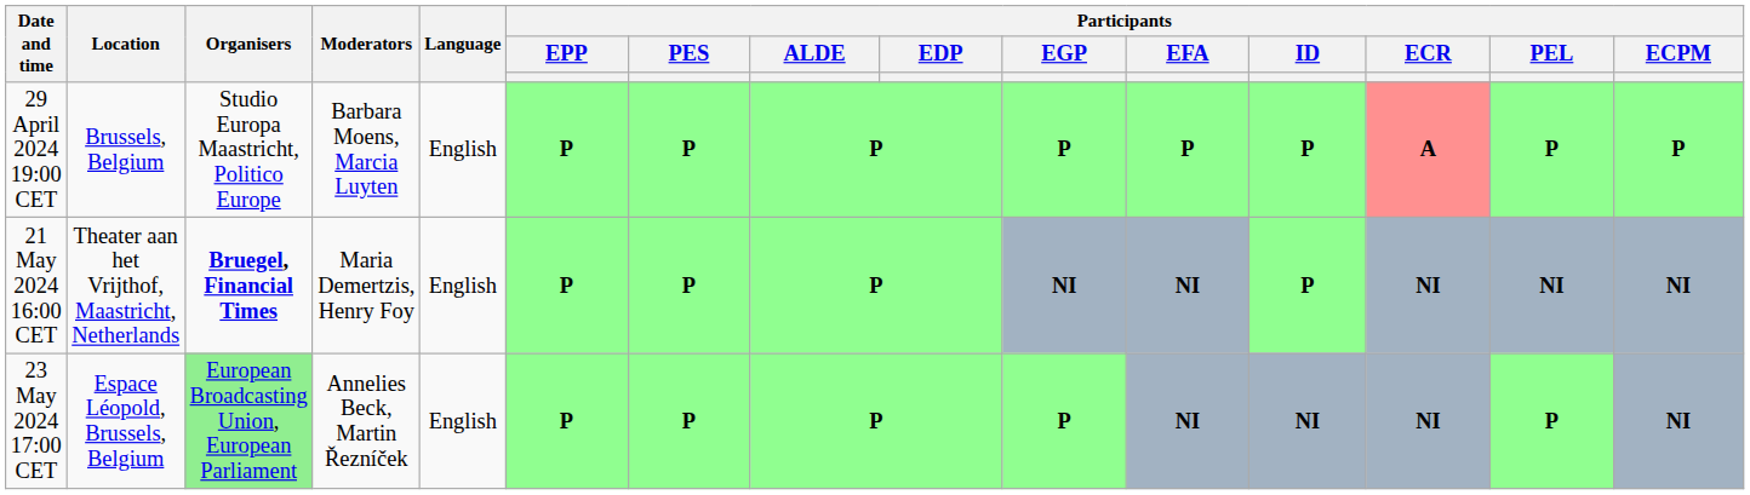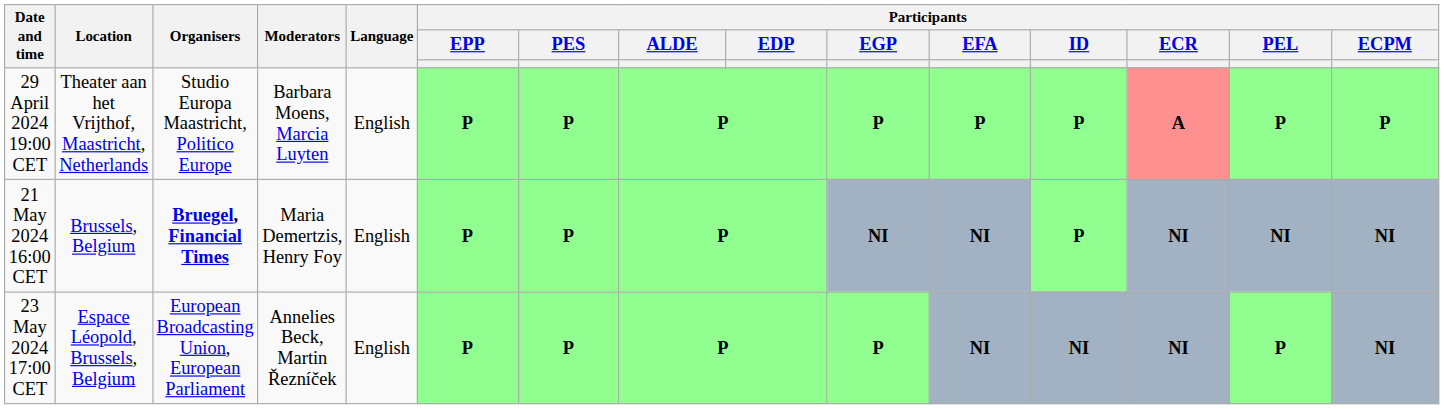 <table class="wikitable" style="text-align:center">
 <tr style="font-size:small;">
 <th rowspan="3">Date and time</th>
 <th rowspan="3">Location</th>
 <th rowspan="3">Organisers</th>
 <th rowspan="3">Moderators</th>
 <th rowspan="3">Language</th>
 <th colspan="10">Participants <br></th>
 </tr>
 <tr>
 <th scope="col"><a href='#'>EPP</a></th>
 <th scope="col"><a href='#'>PES</a></th>
 <th scope="col"><a href='#'>ALDE</a></th>
 <th scope="col"><a href='#'>EDP</a></th>
 <th scope="col"><a href='#'>EGP</a></th>
 <th scope="col"><a href='#'>EFA</a></th>
 <th scope="col"><a href='#'>ID</a></th>
 <th scope="col"><a href='#'>ECR</a></th>
 <th scope="col"><a href='#'>PEL</a></th>
 <th scope="col"><a href='#'>ECPM</a></th>
 </tr>
 <tr>
 <th style="width:6.5em; background:"></th>
 <th style="width:6.5em; background:"></th>
 <th style="width:6.5em; background:"></th>
 <th style="width:6.5em; background:"></th>
 <th style="width:6.5em; background:"></th>
 <th style="width:6.5em; background:"></th>
 <th style="width:6.5em; background:"></th>
 <th style="width:6.5em; background:"></th>
 <th style="width:6.5em; background:"></th>
 <th style="width:6.5em; background:"></th>
 </tr>
 <tr>
 <td>29 April 2024<br>19:00 CET</td>
-<td><a href='#'>Brussels</a>, <a href='#'>Belgium</a></td>
+<td>Theater aan het Vrijthof, <a href='#'>Maastricht</a>, <a href='#'>Netherlands</a></td>
 <td>Studio Europa Maastricht,<br><a href='#'>Politico Europe</a></td>
 <td>Barbara Moens, <a href='#'>Marcia Luyten</a></td>
 <td>English</td>
 <td style="background:#90FF90; color:black; text-align:center;"><strong>P</strong><br></td>
 <td style="background:#90FF90; color:black; text-align:center;"><strong>P</strong><br></td>
 <td colspan="2" style="background:#90FF90; color:black; text-align:center;"><strong>P</strong><br></td>
 <td style="background:#90FF90; color:black; text-align:center;"><strong>P</strong><br></td>
 <td style="background:#90FF90; color:black; text-align:center;"><strong>P</strong><br></td>
 <td style="background:#90FF90; color:black; text-align:center;"><strong>P</strong><br></td>
 <td style="background:#FF9090; color:black; text-align:center;"><strong>A</strong></td>
 <td style="background:#90FF90; color:black; text-align:center;"><strong>P</strong><br></td>
 <td style="background:#90FF90; color:black; text-align:center;"><strong>P</strong><br></td>
 </tr>
 <tr>
 <td>21 May 2024<br>16:00 CET</td>
-<td>Theater aan het Vrijthof, <a href='#'>Maastricht</a>, <a href='#'>Netherlands</a></td>
+<td><a href='#'>Brussels</a>, <a href='#'>Belgium</a></td>
 <td><strong><a href='#'>Bruegel</a>,<br><a href='#'>Financial Times</a></strong></td>
 <td>Maria Demertzis, Henry Foy</td>
 <td>English</td>
 <td style="background:#90FF90; color:black; text-align:center;"><strong>P</strong><br></td>
 <td style="background:#90FF90; color:black; text-align:center;"><strong>P</strong><br></td>
 <td colspan="2" style="background:#90FF90; color:black; text-align:center;"><strong>P</strong><br></td>
 <td style="background:#A2B2C2; color:black; text-align:center;"><strong>NI</strong></td>
 <td style="background:#A2B2C2; color:black; text-align:center;"><strong>NI</strong></td>
 <td style="background:#90FF90; color:black; text-align:center;"><strong>P</strong><br></td>
 <td style="background:#A2B2C2; color:black; text-align:center;"><strong>NI</strong></td>
 <td style="background:#A2B2C2; color:black; text-align:center;"><strong>NI</strong></td>
 <td style="background:#A2B2C2; color:black; text-align:center;"><strong>NI</strong></td>
 </tr>
 <tr>
 <td>23 May 2024<br>17:00 CET</td>
 <td><a href='#'>Espace Léopold</a>, <a href='#'>Brussels</a>, <a href='#'>Belgium</a></td>
-<td style="background: lightgreen;"><a href='#'>European Broadcasting Union</a>,<br><a href='#'>European Parliament</a></td>
+<td><a href='#'>European Broadcasting Union</a>,<br><a href='#'>European Parliament</a></td>
 <td>Annelies Beck, Martin Řezníček</td>
 <td>English</td>
 <td style="background:#90FF90; color:black; text-align:center;"><strong>P</strong><br></td>
 <td style="background:#90FF90; color:black; text-align:center;"><strong>P</strong><br></td>
 <td colspan="2" style="background:#90FF90; color:black; text-align:center;"><strong>P</strong><br></td>
 <td style="background:#90FF90; color:black; text-align:center;"><strong>P</strong><br></td>
 <td style="background:#A2B2C2; color:black; text-align:center;"><strong>NI</strong></td>
 <td style="background:#A2B2C2; color:black; text-align:center;"><strong>NI</strong></td>
 <td style="background:#A2B2C2; color:black; text-align:center;"><strong>NI</strong></td>
 <td style="background:#90FF90; color:black; text-align:center;"><strong>P</strong><br></td>
 <td style="background:#A2B2C2; color:black; text-align:center;"><strong>NI</strong></td>
 </tr>
 </table>
